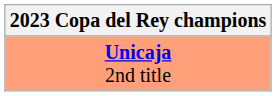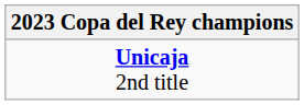 <table class=wikitable style="text-align:center; margin:auto">
 <tr>
 <th>2023 Copa del Rey champions</th>
 </tr>
 <tr>
-<td style="background: lightsalmon;"><strong><a href='#'>Unicaja</a></strong><br>2nd title</td>
+<td><strong><a href='#'>Unicaja</a></strong><br>2nd title</td>
 </tr>
 </table>
